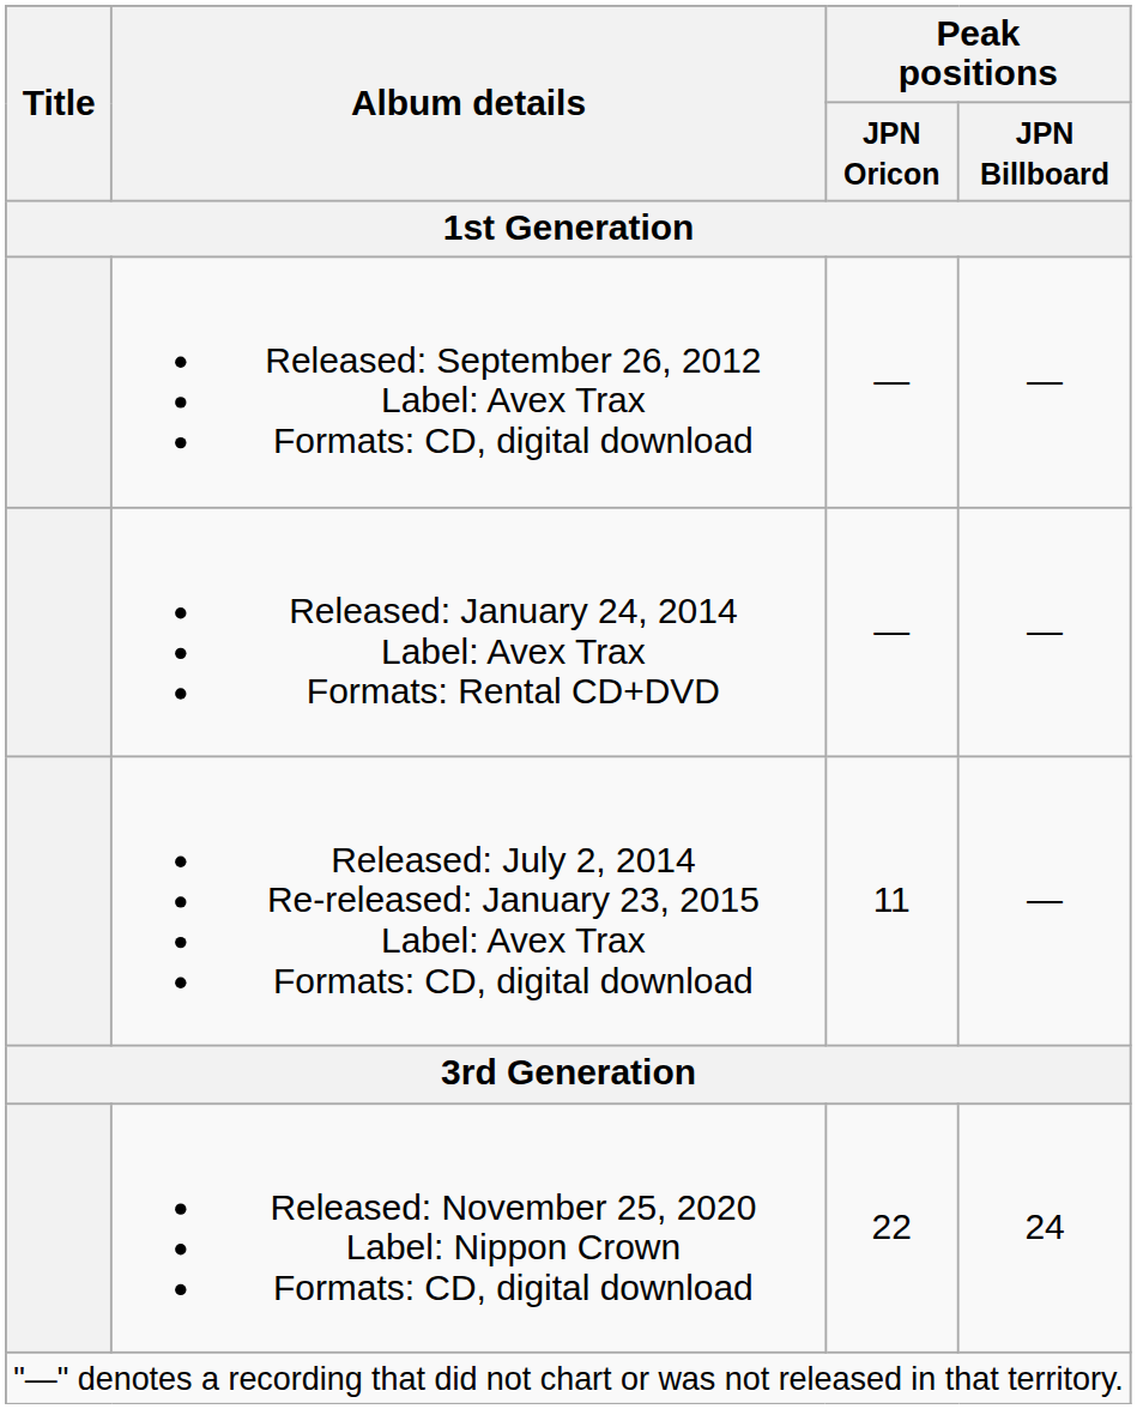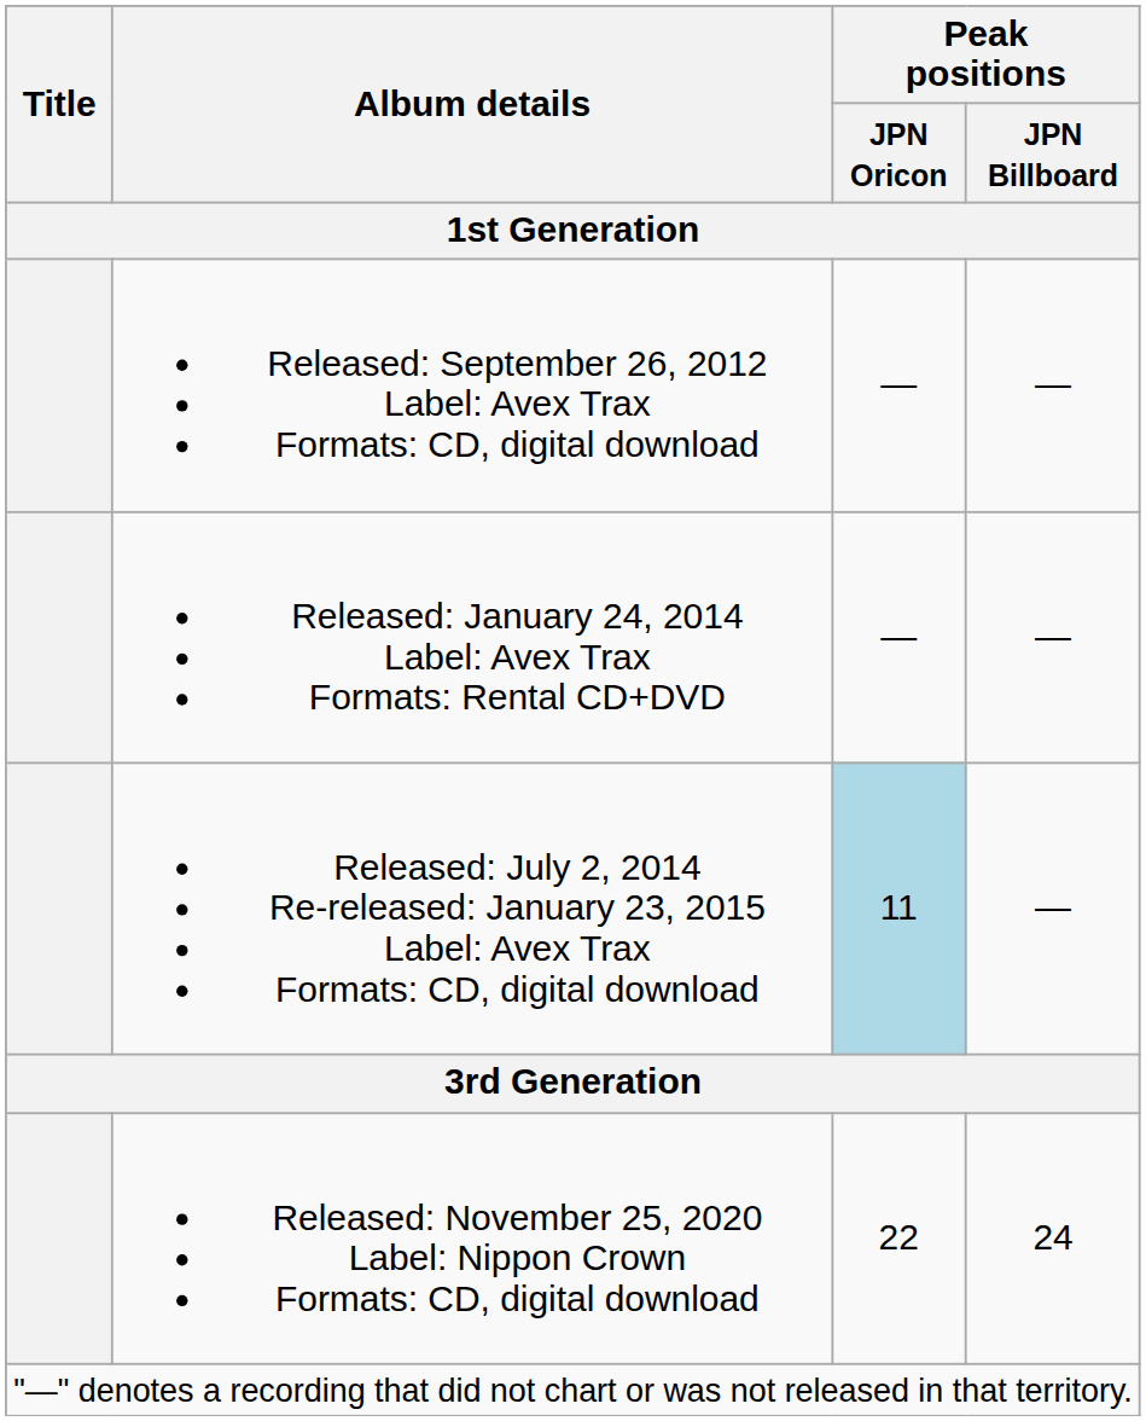 <table class="wikitable plainrowheaders" style="text-align:center;">
 <tr>
 <th scope="col" rowspan="2">Title</th>
 <th scope="col" rowspan="2">Album details</th>
 <th scope="col" colspan="2">Peak<br>positions</th>
 </tr>
 <tr>
 <th scope="col"><small>JPN<br>Oricon</small><br></th>
 <th scope="col"><small>JPN<br>Billboard</small><br></th>
 </tr>
 <tr>
 <th scope="col" colspan="4">1st Generation</th>
 </tr>
 <tr>
 <th scope="row"><em></em></th>
 <td><br><ul><li>Released: September 26, 2012</li><li>Label: Avex Trax</li><li>Formats: CD, digital download</li></ul></td>
 <td>—</td>
 <td>—</td>
 </tr>
 <tr>
 <th scope="row"><em></em></th>
 <td><br><ul><li>Released: January 24, 2014</li><li>Label: Avex Trax</li><li>Formats: Rental CD+DVD</li></ul></td>
 <td>—</td>
 <td>—</td>
 </tr>
 <tr>
 <th scope="row"><em></em></th>
 <td><br><ul><li>Released: July 2, 2014</li><li>Re-released: January 23, 2015</li><li>Label: Avex Trax</li><li>Formats: CD, digital download</li></ul></td>
-<td>11</td>
+<td style="background: lightblue;">11</td>
 <td>—</td>
 </tr>
 <tr>
 <th scope="col" colspan="4">3rd Generation</th>
 </tr>
 <tr>
 <th scope="row"><em></em></th>
 <td><br><ul><li>Released: November 25, 2020</li><li>Label: Nippon Crown</li><li>Formats: CD, digital download</li></ul></td>
 <td>22</td>
 <td>24</td>
 </tr>
 <tr>
 <td align="center" colspan="4" style="font-size:90%">"—" denotes a recording that did not chart or was not released in that territory.</td>
 </tr>
 </table>
